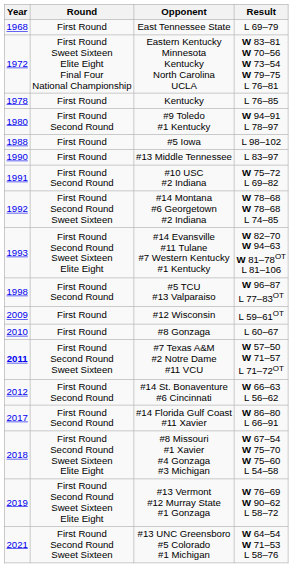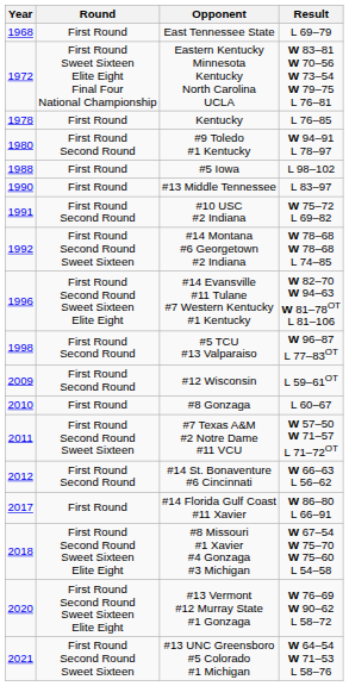 <table class="wikitable" style="text-align:center">
 <tr>
 <th>Year</th>
 <th>Round</th>
 <th>Opponent</th>
 <th>Result</th>
 </tr>
 <tr align="center">
 <td><a href='#'>1968</a></td>
 <td>First Round</td>
 <td>East Tennessee State</td>
 <td>L 69–79</td>
 </tr>
 <tr align="center">
 <td><a href='#'>1972</a></td>
 <td>First Round<br>Sweet Sixteen<br>Elite Eight<br>Final Four<br>National Championship</td>
 <td>Eastern Kentucky<br>Minnesota<br>Kentucky<br>North Carolina<br>UCLA</td>
 <td><strong>W</strong> 83–81<br><strong>W</strong> 70–56<br><strong>W</strong> 73–54<br><strong>W</strong> 79–75<br>L 76–81</td>
 </tr>
 <tr align="center">
 <td><a href='#'>1978</a></td>
 <td>First Round</td>
 <td>Kentucky</td>
 <td>L 76–85</td>
 </tr>
 <tr align="center">
 <td><a href='#'>1980</a></td>
 <td>First Round<br>Second Round</td>
 <td>#9 Toledo<br>#1 Kentucky</td>
 <td><strong>W</strong> 94–91<br>L 78–97</td>
 </tr>
 <tr align="center">
 <td><a href='#'>1988</a></td>
 <td>First Round</td>
 <td>#5 Iowa</td>
 <td>L 98–102</td>
 </tr>
 <tr align="center">
 <td><a href='#'>1990</a></td>
 <td>First Round</td>
 <td>#13 Middle Tennessee</td>
 <td>L 83–97</td>
 </tr>
 <tr align="center">
 <td><a href='#'>1991</a></td>
 <td>First Round<br>Second Round</td>
 <td>#10 USC<br>#2 Indiana</td>
 <td><strong>W</strong> 75–72<br>L 69–82</td>
 </tr>
 <tr align="center">
 <td><a href='#'>1992</a></td>
 <td>First Round<br>Second Round<br>Sweet Sixteen</td>
 <td>#14 Montana<br>#6 Georgetown<br>#2 Indiana</td>
 <td><strong>W</strong> 78–68<br><strong>W</strong> 78–68<br>L 74–85</td>
 </tr>
 <tr align="center">
-<td><a href='#'>1993</a></td>
+<td><a href='#'>1996</a></td>
 <td>First Round<br>Second Round<br>Sweet Sixteen<br>Elite Eight</td>
 <td>#14 Evansville<br>#11 Tulane<br>#7 Western Kentucky<br>#1 Kentucky</td>
 <td><strong>W</strong> 82–70<br><strong>W</strong> 94–63<br><strong>W</strong> 81–78<sup>OT</sup><br>L 81–106</td>
 </tr>
 <tr align="center">
 <td><a href='#'>1998</a></td>
 <td>First Round<br>Second Round</td>
 <td>#5 TCU<br>#13 Valparaiso</td>
 <td><strong>W</strong> 96–87<br>L 77–83<sup>OT</sup></td>
 </tr>
 <tr align="center">
 <td><a href='#'>2009</a></td>
-<td>First Round</td>
+<td>First Round<br>Second Round</td>
 <td>#12 Wisconsin</td>
 <td>L 59–61<sup>OT</sup></td>
 </tr>
 <tr align="center">
 <td><a href='#'>2010</a></td>
 <td>First Round</td>
 <td>#8 Gonzaga</td>
 <td>L 60–67</td>
 </tr>
 <tr align="center">
-<td><strong><a href='#'>2011</a></strong></td>
+<td><a href='#'>2011</a></td>
 <td>First Round<br>Second Round<br>Sweet Sixteen</td>
 <td>#7 Texas A&M<br>#2 Notre Dame<br>#11 VCU</td>
 <td><strong>W</strong> 57–50<br><strong>W</strong> 71–57<br>L 71–72<sup>OT</sup></td>
 </tr>
 <tr align="center">
 <td><a href='#'>2012</a></td>
 <td>First Round<br>Second Round</td>
 <td>#14 St. Bonaventure<br>#6 Cincinnati</td>
 <td><strong>W</strong> 66–63<br>L 56–62</td>
 </tr>
 <tr align="center">
 <td><a href='#'>2017</a></td>
-<td>First Round<br>Second Round</td>
+<td>First Round</td>
 <td>#14 Florida Gulf Coast<br>#11 Xavier</td>
 <td><strong>W</strong> 86–80<br>L 66–91</td>
 </tr>
 <tr align="center">
 <td><a href='#'>2018</a></td>
 <td>First Round<br>Second Round<br>Sweet Sixteen<br>Elite Eight</td>
 <td>#8 Missouri<br>#1 Xavier<br>#4 Gonzaga<br>#3 Michigan</td>
 <td><strong>W</strong> 67–54<br><strong>W</strong> 75–70<br><strong>W</strong> 75–60<br>L 54–58</td>
 </tr>
 <tr align="center">
-<td><a href='#'>2019</a></td>
+<td><a href='#'>2020</a></td>
 <td>First Round<br>Second Round<br>Sweet Sixteen<br>Elite Eight</td>
 <td>#13 Vermont<br>#12 Murray State<br>#1 Gonzaga</td>
 <td><strong>W</strong> 76–69<br><strong>W</strong> 90–62<br>L 58–72</td>
 </tr>
 <tr align="center">
 <td><a href='#'>2021</a></td>
 <td>First Round<br>Second Round<br>Sweet Sixteen</td>
 <td>#13 UNC Greensboro<br>#5 Colorado<br>#1 Michigan</td>
 <td><strong>W</strong> 64–54<br><strong>W</strong> 71–53<br>L 58–76</td>
 </tr>
 </table>
